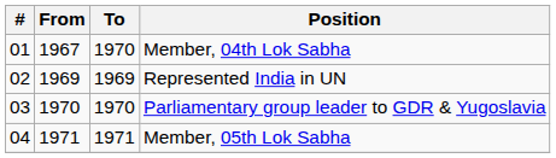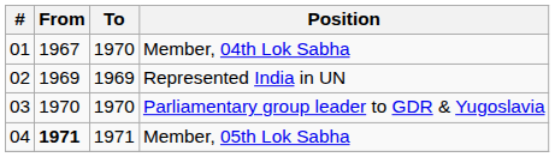 <table class="wikitable sortable">
 <tr>
 <th>#</th>
 <th>From</th>
 <th>To</th>
 <th>Position</th>
 </tr>
 <tr>
 <td>01</td>
 <td>1967</td>
 <td>1970</td>
 <td>Member, <a href='#'>04th Lok Sabha</a></td>
 </tr>
 <tr>
 <td>02</td>
 <td>1969</td>
 <td>1969</td>
 <td>Represented <a href='#'>India</a> in UN</td>
 </tr>
 <tr>
 <td>03</td>
 <td>1970</td>
 <td>1970</td>
 <td><a href='#'>Parliamentary group leader</a> to <a href='#'>GDR</a> & <a href='#'>Yugoslavia</a></td>
 </tr>
 <tr>
 <td>04</td>
-<td>1971</td>
+<td><strong>1971</strong></td>
 <td>1971</td>
 <td>Member, <a href='#'>05th Lok Sabha</a></td>
 </tr>
 <tr>
 </tr>
 </table>
